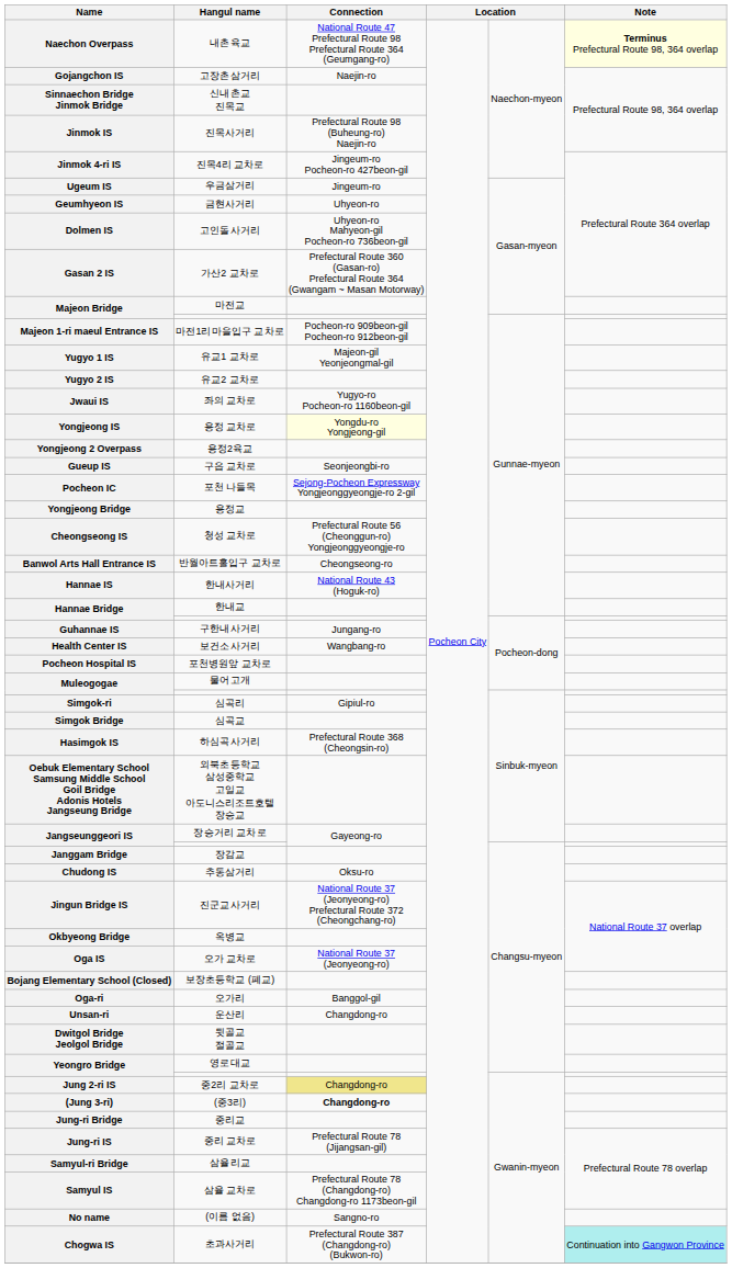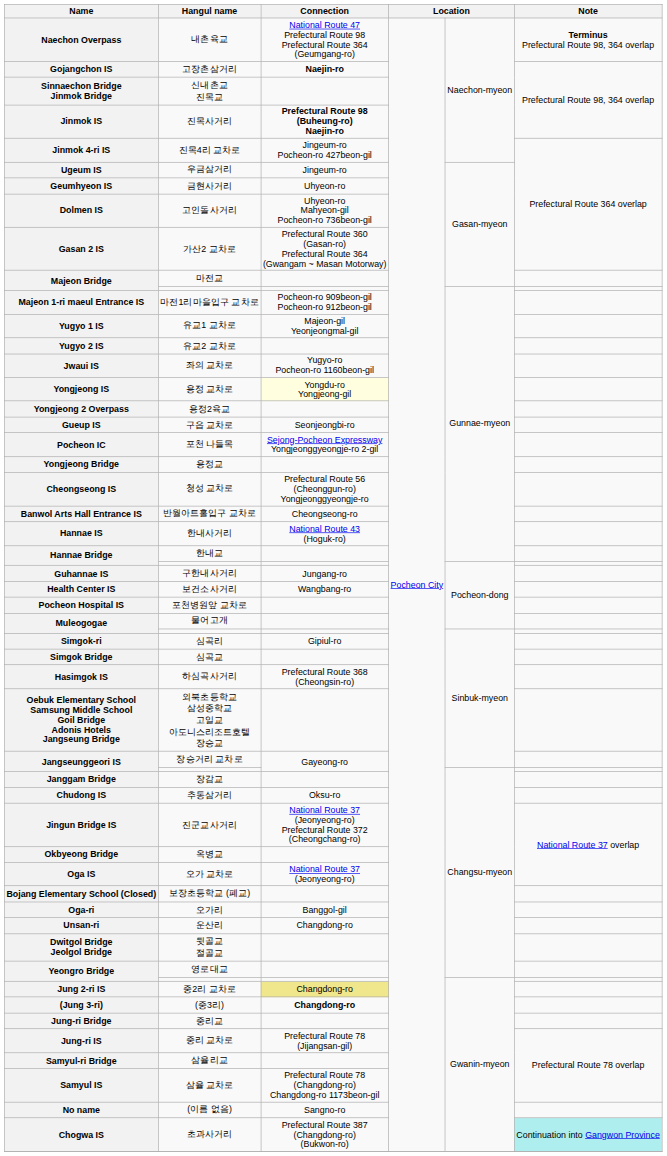 <table class="wikitable" style="font-size: 85%; text-align: center;">
 <tr>
 <th>Name </th>
 <th>Hangul name</th>
 <th>Connection</th>
 <th colspan="2">Location</th>
 <th>Note</th>
 </tr>
 <tr>
 <th>Naechon Overpass</th>
 <td>내촌육교</td>
 <td><a href='#'>National Route 47</a><br>Prefectural Route 98<br>Prefectural Route 364<br>(Geumgang-ro)</td>
 <td rowspan=55><a href='#'>Pocheon City</a></td>
 <td rowspan=5>Naechon-myeon</td>
-<td style="background: lightyellow;"><strong>Terminus</strong><br>Prefectural Route 98, 364 overlap</td>
+<td><strong>Terminus</strong><br>Prefectural Route 98, 364 overlap</td>
 </tr>
 <tr>
 <th>Gojangchon IS</th>
 <td>고장촌삼거리</td>
-<td>Naejin-ro</td>
+<td><strong>Naejin-ro</strong></td>
 <td rowspan=3>Prefectural Route 98, 364 overlap</td>
 </tr>
 <tr>
 <th>Sinnaechon Bridge<br>Jinmok Bridge</th>
 <td>신내촌교<br>진목교</td>
 <td></td>
 </tr>
 <tr>
 <th>Jinmok IS</th>
 <td>진목사거리</td>
-<td>Prefectural Route 98<br>(Buheung-ro)<br>Naejin-ro</td>
+<td><strong>Prefectural Route 98<br>(Buheung-ro)<br>Naejin-ro</strong></td>
 </tr>
 <tr>
 <th>Jinmok 4-ri IS</th>
 <td>진목4리 교차로</td>
 <td>Jingeum-ro<br>Pocheon-ro 427beon-gil</td>
 <td rowspan=5>Prefectural Route 364 overlap</td>
 </tr>
 <tr>
 <th>Ugeum IS</th>
 <td>우금삼거리</td>
 <td>Jingeum-ro</td>
 <td rowspan=5>Gasan-myeon</td>
 </tr>
 <tr>
 <th>Geumhyeon IS</th>
 <td>금현사거리</td>
 <td>Uhyeon-ro</td>
 </tr>
 <tr>
 <th>Dolmen IS</th>
 <td>고인돌사거리</td>
 <td>Uhyeon-ro<br>Mahyeon-gil<br>Pocheon-ro 736beon-gil</td>
 </tr>
 <tr>
 <th>Gasan 2 IS</th>
 <td>가산2 교차로</td>
 <td>Prefectural Route 360<br>(Gasan-ro)<br>Prefectural Route 364<br>(Gwangam ~ Masan Motorway)</td>
 </tr>
 <tr>
 <th rowspan=2>Majeon Bridge</th>
 <td>마전교</td>
 <td></td>
 <td></td>
 </tr>
 <tr>
 <td></td>
 <td></td>
 <td rowspan=14>Gunnae-myeon</td>
 <td></td>
 </tr>
 <tr>
 <th>Majeon 1-ri maeul Entrance IS</th>
 <td>마전1리마을입구 교차로</td>
 <td>Pocheon-ro 909beon-gil<br>Pocheon-ro 912beon-gil</td>
 <td></td>
 </tr>
 <tr>
 <th>Yugyo 1 IS</th>
 <td>유교1 교차로</td>
 <td>Majeon-gil<br>Yeonjeongmal-gil</td>
 <td></td>
 </tr>
 <tr>
 <th>Yugyo 2 IS</th>
 <td>유교2 교차로</td>
 <td></td>
 <td></td>
 </tr>
 <tr>
 <th>Jwaui IS</th>
 <td>좌의 교차로</td>
 <td>Yugyo-ro<br>Pocheon-ro 1160beon-gil</td>
 <td></td>
 </tr>
 <tr>
 <th>Yongjeong IS</th>
 <td>용정 교차로</td>
 <td style="background: lightyellow;">Yongdu-ro<br>Yongjeong-gil</td>
 <td></td>
 </tr>
 <tr>
 <th>Yongjeong 2 Overpass</th>
 <td>용정2육교</td>
 <td></td>
 <td></td>
 </tr>
 <tr>
 <th>Gueup IS</th>
 <td>구읍 교차로</td>
 <td>Seonjeongbi-ro</td>
 <td></td>
 </tr>
 <tr>
 <th>Pocheon IC</th>
 <td>포천 나들목</td>
 <td><a href='#'>Sejong-Pocheon Expressway</a><br>Yongjeonggyeongje-ro 2-gil</td>
 <td></td>
 </tr>
 <tr>
 <th>Yongjeong Bridge</th>
 <td>용정교</td>
 <td></td>
 <td></td>
 </tr>
 <tr>
 <th>Cheongseong IS</th>
 <td>청성 교차로</td>
 <td>Prefectural Route 56<br>(Cheonggun-ro)<br>Yongjeonggyeongje-ro</td>
 <td></td>
 </tr>
 <tr>
 <th>Banwol Arts Hall Entrance IS</th>
 <td>반월아트홀입구 교차로</td>
 <td>Cheongseong-ro</td>
 <td></td>
 </tr>
 <tr>
 <th>Hannae IS</th>
 <td>한내사거리</td>
 <td><a href='#'>National Route 43</a><br>(Hoguk-ro)</td>
 <td></td>
 </tr>
 <tr>
 <th rowspan=2>Hannae Bridge</th>
 <td>한내교</td>
 <td></td>
 <td></td>
 </tr>
 <tr>
 <td></td>
 <td></td>
 <td rowspan=5>Pocheon-dong</td>
 <td></td>
 </tr>
 <tr>
 <th>Guhannae IS</th>
 <td>구한내사거리</td>
 <td>Jungang-ro</td>
 <td></td>
 </tr>
 <tr>
 <th>Health Center IS</th>
 <td>보건소사거리</td>
 <td>Wangbang-ro</td>
 <td></td>
 </tr>
 <tr>
 <th>Pocheon Hospital IS</th>
 <td>포천병원앞 교차로</td>
 <td></td>
 <td></td>
 </tr>
 <tr>
 <th rowspan=2>Muleogogae</th>
 <td>물어고개</td>
 <td></td>
 <td></td>
 </tr>
 <tr>
 <td></td>
 <td></td>
 <td rowspan=6>Sinbuk-myeon</td>
 <td></td>
 </tr>
 <tr>
 <th>Simgok-ri</th>
 <td>심곡리</td>
 <td>Gipiul-ro</td>
 <td></td>
 </tr>
 <tr>
 <th>Simgok Bridge</th>
 <td>심곡교</td>
 <td></td>
 <td></td>
 </tr>
 <tr>
 <th>Hasimgok IS</th>
 <td>하심곡사거리</td>
 <td>Prefectural Route 368<br>(Cheongsin-ro)</td>
 <td></td>
 </tr>
 <tr>
 <th>Oebuk Elementary School<br>Samsung Middle School<br>Goil Bridge<br>Adonis Hotels<br>Jangseung Bridge</th>
 <td>외북초등학교<br>삼성중학교<br>고일교<br>아도니스리조트호텔<br>장승교</td>
 <td></td>
 <td></td>
 </tr>
 <tr>
 <th rowspan=2>Jangseunggeori IS</th>
 <td>장승거리 교차로</td>
 <td rowspan=2>Gayeong-ro</td>
 <td></td>
 </tr>
 <tr>
 <td></td>
 <td rowspan=11>Changsu-myeon</td>
 <td></td>
 </tr>
 <tr>
 <th>Janggam Bridge</th>
 <td>장감교</td>
 <td></td>
 <td></td>
 </tr>
 <tr>
 <th>Chudong IS</th>
 <td>추동삼거리</td>
 <td>Oksu-ro</td>
 <td></td>
 </tr>
 <tr>
 <th>Jingun Bridge IS</th>
 <td>진군교사거리</td>
 <td><a href='#'>National Route 37</a><br>(Jeonyeong-ro)<br>Prefectural Route 372<br>(Cheongchang-ro)</td>
 <td rowspan=3><a href='#'>National Route 37</a> overlap</td>
 </tr>
 <tr>
 <th>Okbyeong Bridge</th>
 <td>옥병교</td>
 <td></td>
 </tr>
 <tr>
 <th>Oga IS</th>
 <td>오가 교차로</td>
 <td><a href='#'>National Route 37</a><br>(Jeonyeong-ro)</td>
 </tr>
 <tr>
 <th>Bojang Elementary School (Closed)</th>
 <td>보장초등학교 (폐교)</td>
 <td></td>
 <td></td>
 </tr>
 <tr>
 <th>Oga-ri</th>
 <td>오가리</td>
 <td>Banggol-gil</td>
 <td></td>
 </tr>
 <tr>
 <th>Unsan-ri</th>
 <td>운산리</td>
 <td>Changdong-ro</td>
 <td></td>
 </tr>
 <tr>
 <th>Dwitgol Bridge<br>Jeolgol Bridge</th>
 <td>뒷골교<br>절골교</td>
 <td></td>
 <td></td>
 </tr>
 <tr>
 <th rowspan=2>Yeongro Bridge</th>
 <td>영로대교</td>
 <td></td>
 <td></td>
 </tr>
 <tr>
 <td></td>
 <td></td>
 <td rowspan=9>Gwanin-myeon</td>
 <td></td>
 </tr>
 <tr>
 <th>Jung 2-ri IS</th>
 <td>중2리 교차로</td>
 <td style="background: khaki;">Changdong-ro</td>
 <td></td>
 </tr>
 <tr>
 <th>(Jung 3-ri)</th>
 <td>(중3리)</td>
 <td><strong>Changdong-ro</strong></td>
 <td></td>
 </tr>
 <tr>
 <th>Jung-ri Bridge</th>
 <td>중리교</td>
 <td></td>
 <td></td>
 </tr>
 <tr>
 <th>Jung-ri IS</th>
 <td>중리 교차로</td>
 <td>Prefectural Route 78<br>(Jijangsan-gil)</td>
 <td rowspan=3>Prefectural Route 78 overlap</td>
 </tr>
 <tr>
 <th>Samyul-ri Bridge</th>
 <td>삼율리교</td>
 <td></td>
 </tr>
 <tr>
 <th>Samyul IS</th>
 <td>삼율 교차로</td>
 <td>Prefectural Route 78<br>(Changdong-ro)<br>Changdong-ro 1173beon-gil</td>
 </tr>
 <tr>
 <th>No name</th>
 <td>(이름 없음)</td>
 <td>Sangno-ro</td>
 <td></td>
 </tr>
 <tr>
 <th>Chogwa IS</th>
 <td>초과사거리</td>
 <td>Prefectural Route 387<br>(Changdong-ro)<br>(Bukwon-ro)</td>
 <td style="background: paleturquoise;">Continuation into <a href='#'>Gangwon Province</a></td>
 </tr>
 <tr>
 </tr>
 </table>
